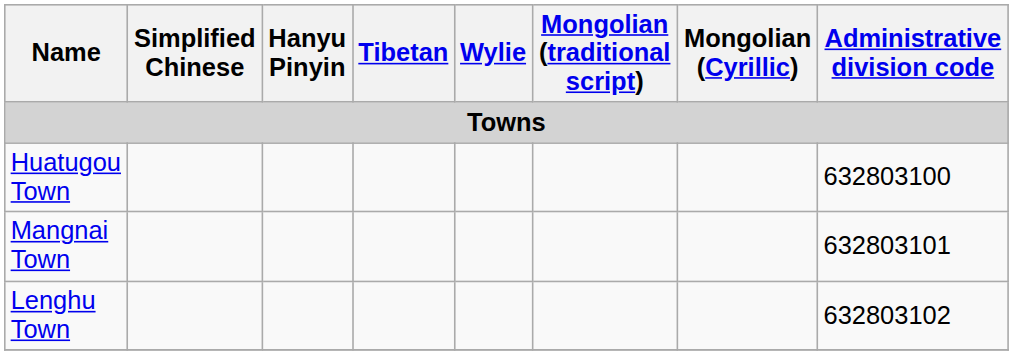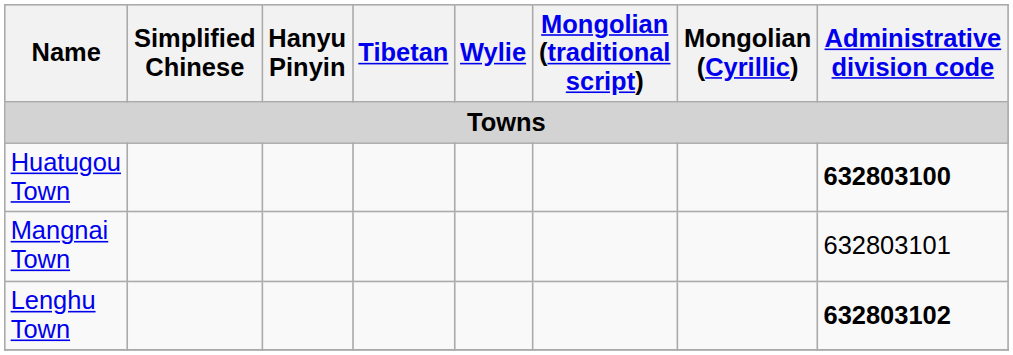 <table class="wikitable" align="center" style="width:50%; border="1">
 <tr>
 <th>Name</th>
 <th>Simplified Chinese</th>
 <th>Hanyu Pinyin</th>
 <th><a href='#'>Tibetan</a></th>
 <th><a href='#'>Wylie</a></th>
 <th><a href='#'>Mongolian</a> (<a href='#'>traditional script</a>)</th>
 <th>Mongolian (<a href='#'>Cyrillic</a>)</th>
 <th><a href='#'>Administrative division code</a></th>
 </tr>
 <tr>
 <td colspan="8"  style="text-align:center; background:#d3d3d3;"><strong>Towns</strong></td>
 </tr>
 <tr --------->
 <td><a href='#'>Huatugou Town</a></td>
 <td></td>
 <td></td>
 <td></td>
 <td></td>
 <td></td>
 <td></td>
-<td>632803100</td>
+<td><strong>632803100</strong></td>
 </tr>
 <tr>
 <td><a href='#'>Mangnai Town</a></td>
 <td></td>
 <td></td>
 <td></td>
 <td></td>
 <td></td>
 <td></td>
 <td>632803101</td>
 </tr>
 <tr>
 <td><a href='#'>Lenghu Town</a></td>
 <td></td>
 <td></td>
 <td></td>
 <td></td>
 <td></td>
 <td></td>
-<td>632803102</td>
+<td><strong>632803102</strong></td>
 </tr>
 <tr>
 </tr>
 </table>
